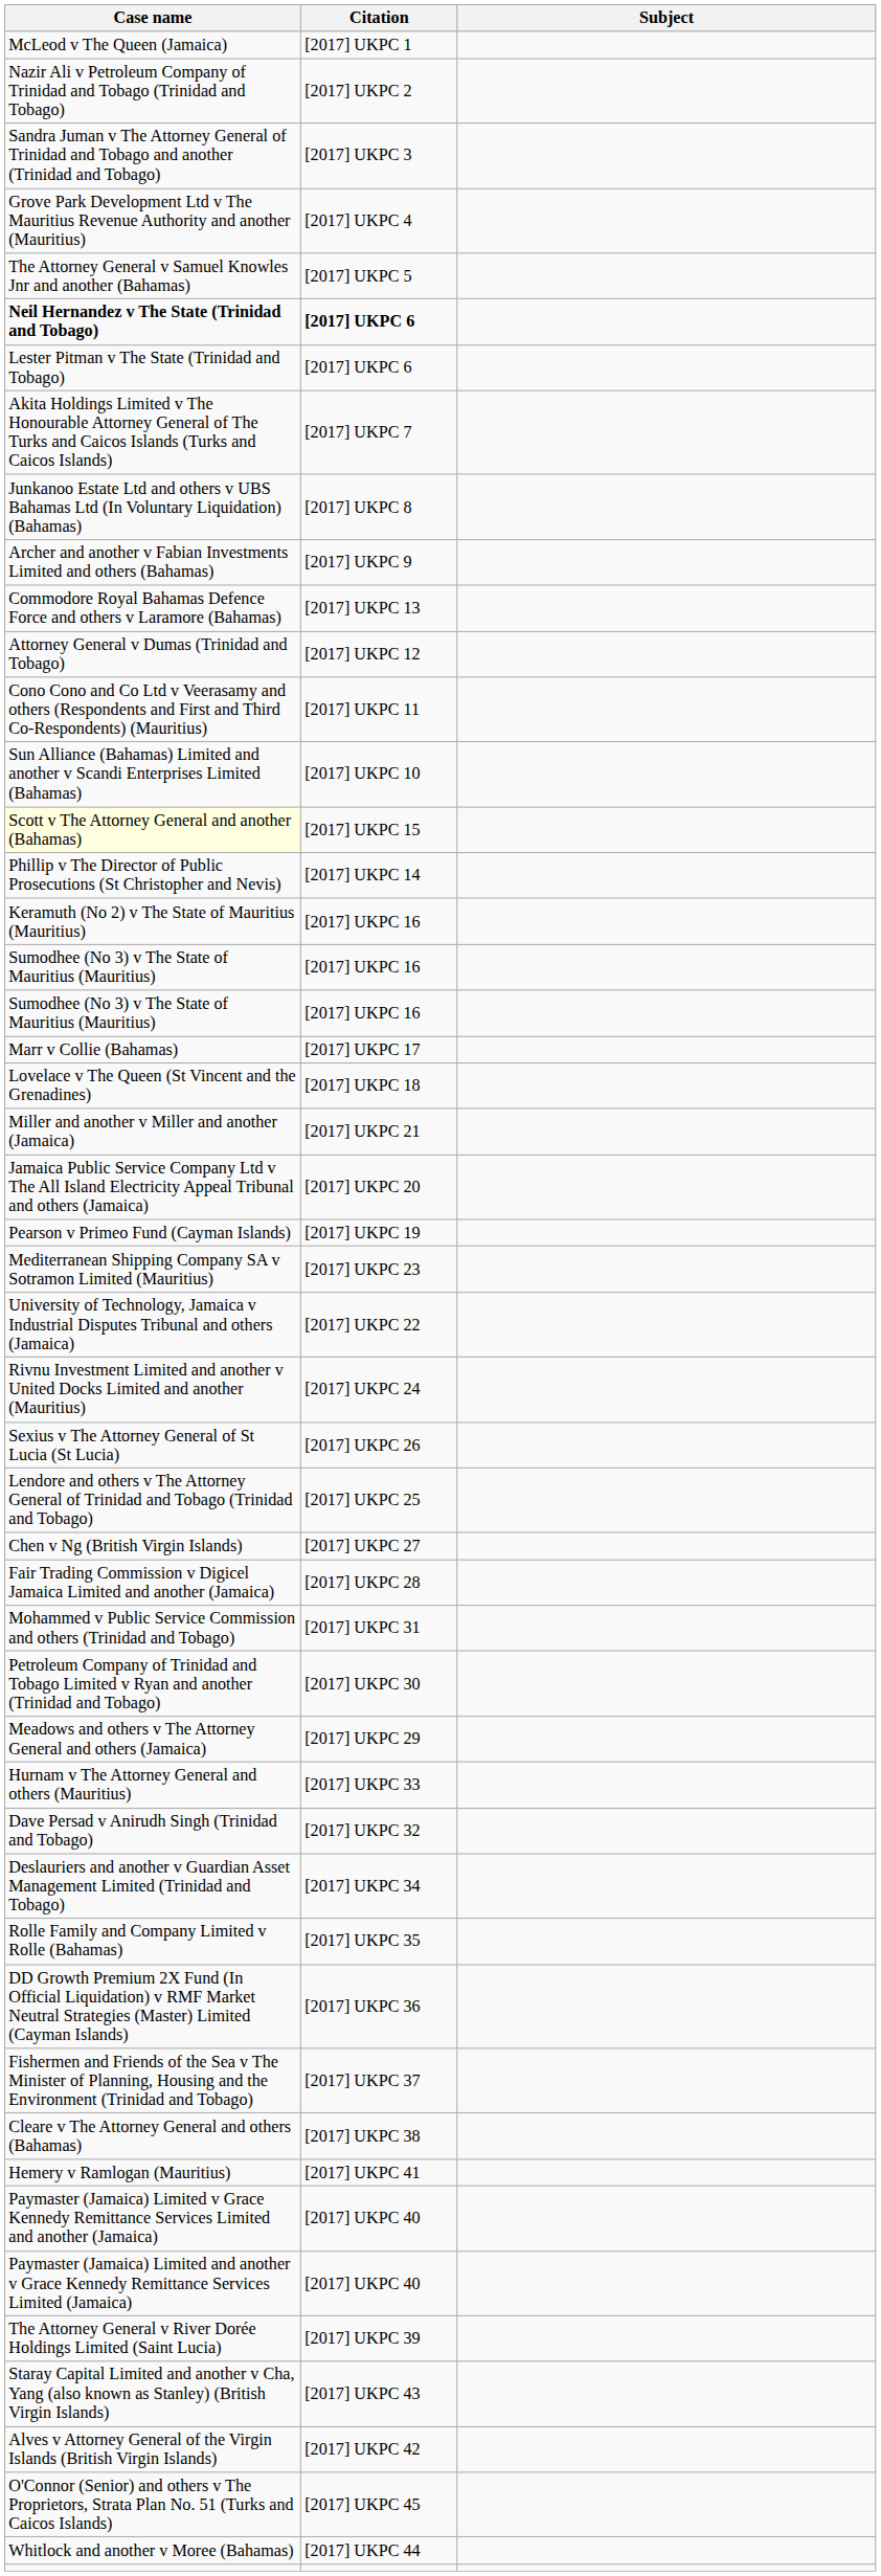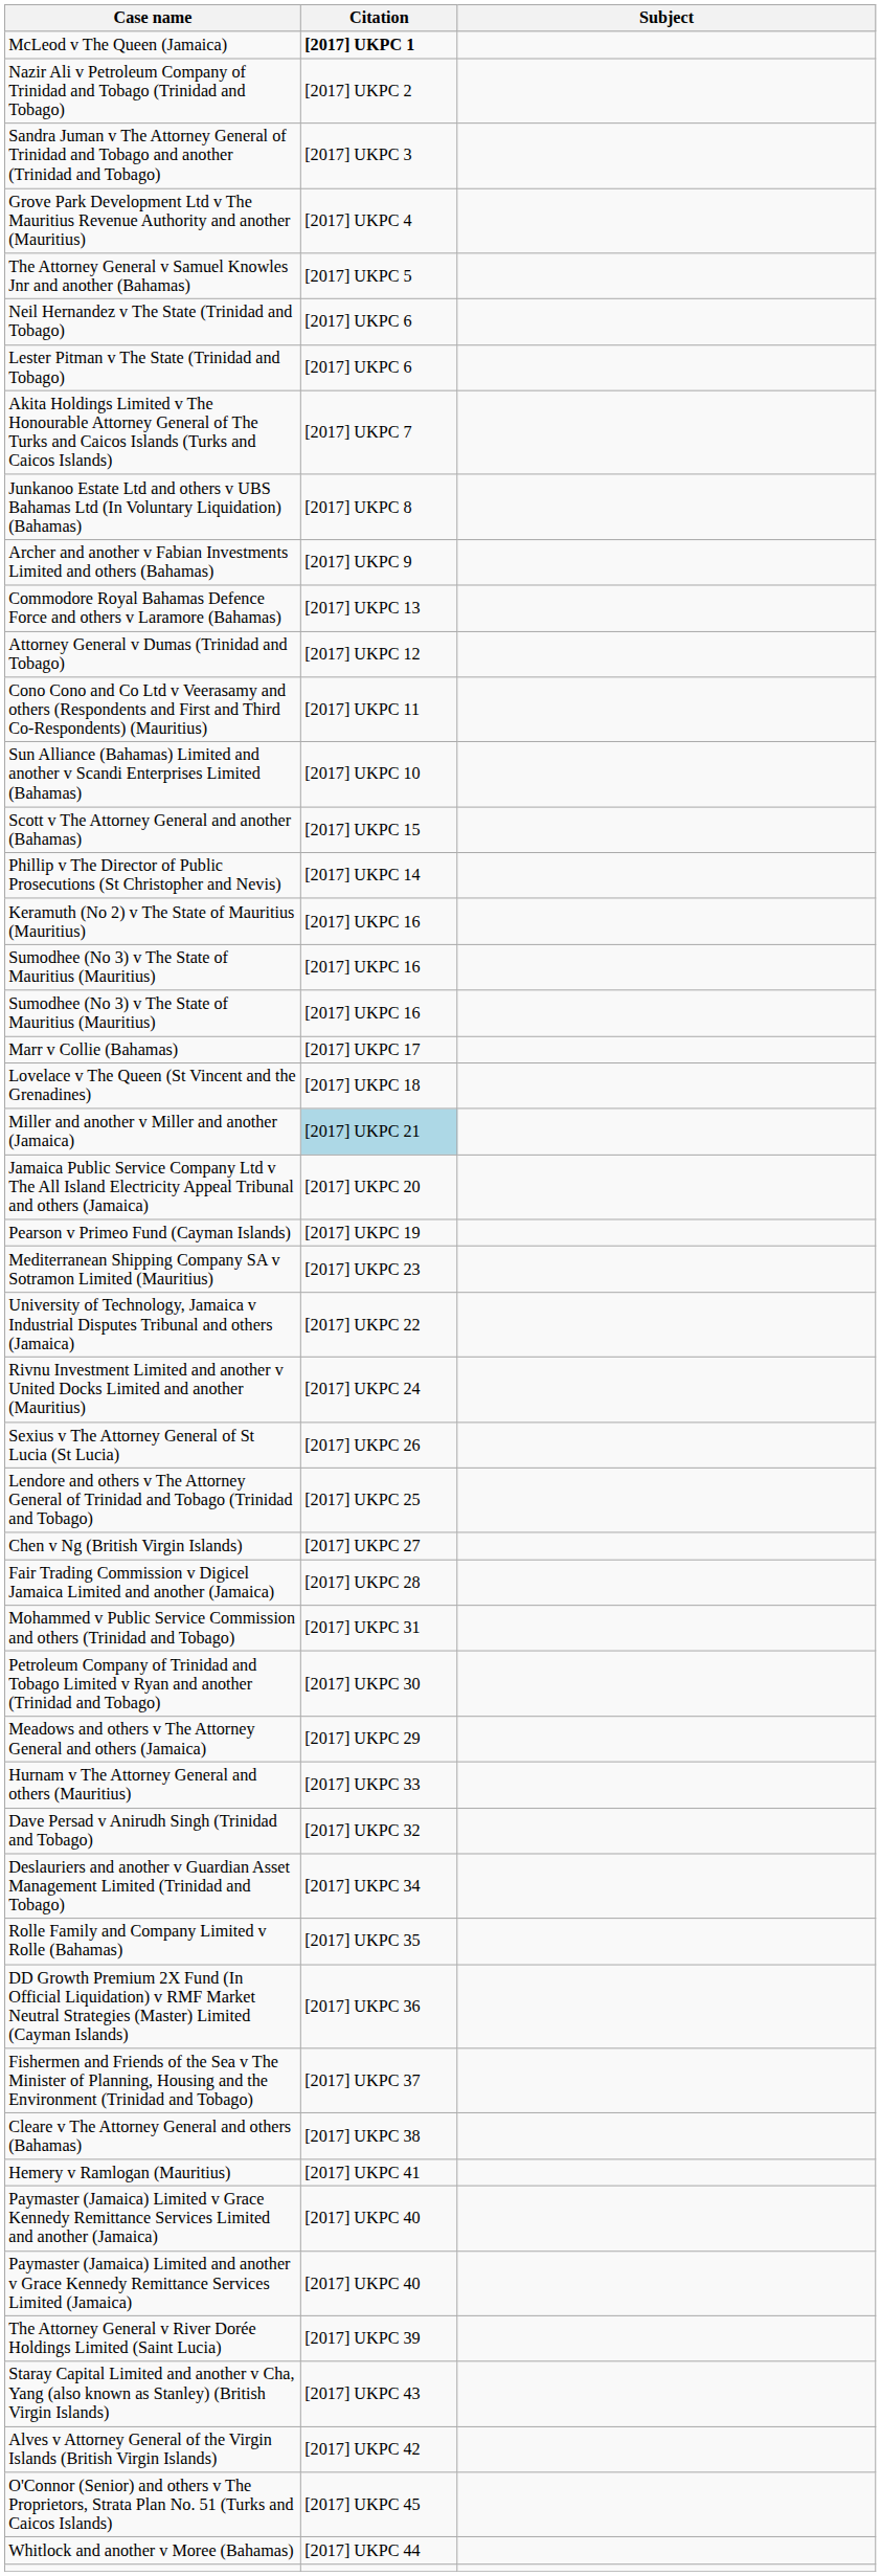 <table class="wikitable" width=825>
 <tr bgcolor="#CCCCCC">
 <th width=34%>Case name</th>
 <th width=18%>Citation</th>
 <th font=small>Subject</th>
 </tr>
 <tr>
 <td>McLeod v The Queen (Jamaica)</td>
-<td>[2017] UKPC 1</td>
+<td><strong>[2017] UKPC 1</strong></td>
 <td></td>
 </tr>
 <tr>
 <td>Nazir Ali v Petroleum Company of Trinidad and Tobago (Trinidad and Tobago)</td>
 <td>[2017] UKPC 2</td>
 <td></td>
 </tr>
 <tr>
 <td>Sandra Juman v The Attorney General of Trinidad and Tobago and another (Trinidad and Tobago)</td>
 <td>[2017] UKPC 3</td>
 <td></td>
 </tr>
 <tr>
 <td>Grove Park Development Ltd v The Mauritius Revenue Authority and another (Mauritius)</td>
 <td>[2017] UKPC 4</td>
 <td></td>
 </tr>
 <tr>
 <td>The Attorney General v Samuel Knowles Jnr and another (Bahamas)</td>
 <td>[2017] UKPC 5</td>
 <td></td>
 </tr>
 <tr>
-<td><strong>Neil Hernandez v The State (Trinidad and Tobago)</strong></td>
-<td><strong>[2017] UKPC 6</strong></td>
+<td>Neil Hernandez v The State (Trinidad and Tobago)</td>
+<td>[2017] UKPC 6</td>
 <td></td>
 </tr>
 <tr>
 <td>Lester Pitman v The State (Trinidad and Tobago)</td>
 <td>[2017] UKPC 6</td>
 <td></td>
 </tr>
 <tr>
 <td>Akita Holdings Limited v The Honourable Attorney General of The Turks and Caicos Islands (Turks and Caicos Islands)</td>
 <td>[2017] UKPC 7</td>
 <td></td>
 </tr>
 <tr>
 <td>Junkanoo Estate Ltd and others v UBS Bahamas Ltd (In Voluntary Liquidation) (Bahamas)</td>
 <td>[2017] UKPC 8</td>
 <td></td>
 </tr>
 <tr>
 <td>Archer and another v Fabian Investments Limited and others (Bahamas)</td>
 <td>[2017] UKPC 9</td>
 <td></td>
 </tr>
 <tr>
 <td>Commodore Royal Bahamas Defence Force and others v Laramore (Bahamas)</td>
 <td>[2017] UKPC 13</td>
 <td></td>
 </tr>
 <tr>
 <td>Attorney General v Dumas (Trinidad and Tobago)</td>
 <td>[2017] UKPC 12</td>
 <td></td>
 </tr>
 <tr>
 <td>Cono Cono and Co Ltd v Veerasamy and others (Respondents and First and Third Co-Respondents) (Mauritius)</td>
 <td>[2017] UKPC 11</td>
 <td></td>
 </tr>
 <tr>
 <td>Sun Alliance (Bahamas) Limited and another v Scandi Enterprises Limited (Bahamas)</td>
 <td>[2017] UKPC 10</td>
 <td></td>
 </tr>
 <tr>
-<td style="background: lightyellow;">Scott v The Attorney General and another (Bahamas)</td>
+<td>Scott v The Attorney General and another (Bahamas)</td>
 <td>[2017] UKPC 15</td>
 <td></td>
 </tr>
 <tr>
 <td>Phillip v The Director of Public Prosecutions (St Christopher and Nevis)</td>
 <td>[2017] UKPC 14</td>
 <td></td>
 </tr>
 <tr>
 <td>Keramuth (No 2) v The State of Mauritius (Mauritius)</td>
 <td>[2017] UKPC 16</td>
 <td></td>
 </tr>
 <tr>
 <td>Sumodhee (No 3) v The State of Mauritius (Mauritius)</td>
 <td>[2017] UKPC 16</td>
 <td></td>
 </tr>
 <tr>
 <td>Sumodhee (No 3) v The State of Mauritius (Mauritius)</td>
 <td>[2017] UKPC 16</td>
 <td></td>
 </tr>
 <tr>
 <td>Marr v Collie (Bahamas)</td>
 <td>[2017] UKPC 17</td>
 <td></td>
 </tr>
 <tr>
 <td>Lovelace v The Queen (St Vincent and the Grenadines)</td>
 <td>[2017] UKPC 18</td>
 <td></td>
 </tr>
 <tr>
 <td>Miller and another v Miller and another (Jamaica)</td>
-<td>[2017] UKPC 21</td>
+<td style="background: lightblue;">[2017] UKPC 21</td>
 <td></td>
 </tr>
 <tr>
 <td>Jamaica Public Service Company Ltd v The All Island Electricity Appeal Tribunal and others (Jamaica)</td>
 <td>[2017] UKPC 20</td>
 <td></td>
 </tr>
 <tr>
 <td>Pearson v Primeo Fund (Cayman Islands)</td>
 <td>[2017] UKPC 19</td>
 <td></td>
 </tr>
 <tr>
 <td>Mediterranean Shipping Company SA v Sotramon Limited (Mauritius)</td>
 <td>[2017] UKPC 23</td>
 <td></td>
 </tr>
 <tr>
 <td>University of Technology, Jamaica v Industrial Disputes Tribunal and others (Jamaica)</td>
 <td>[2017] UKPC 22</td>
 <td></td>
 </tr>
 <tr>
 <td>Rivnu Investment Limited and another v United Docks Limited and another (Mauritius)</td>
 <td>[2017] UKPC 24</td>
 <td></td>
 </tr>
 <tr>
 <td>Sexius v The Attorney General of St Lucia (St Lucia)</td>
 <td>[2017] UKPC 26</td>
 <td></td>
 </tr>
 <tr>
 <td>Lendore and others v The Attorney General of Trinidad and Tobago (Trinidad and Tobago)</td>
 <td>[2017] UKPC 25</td>
 <td></td>
 </tr>
 <tr>
 <td>Chen v Ng (British Virgin Islands)</td>
 <td>[2017] UKPC 27</td>
 <td></td>
 </tr>
 <tr>
 <td>Fair Trading Commission v Digicel Jamaica Limited and another (Jamaica)</td>
 <td>[2017] UKPC 28</td>
 <td></td>
 </tr>
 <tr>
 <td>Mohammed v Public Service Commission and others (Trinidad and Tobago)</td>
 <td>[2017] UKPC 31</td>
 <td></td>
 </tr>
 <tr>
 <td>Petroleum Company of Trinidad and Tobago Limited v Ryan and another (Trinidad and Tobago)</td>
 <td>[2017] UKPC 30</td>
 <td></td>
 </tr>
 <tr>
 <td>Meadows and others v The Attorney General and others (Jamaica)</td>
 <td>[2017] UKPC 29</td>
 <td></td>
 </tr>
 <tr>
 <td>Hurnam v The Attorney General and others (Mauritius)</td>
 <td>[2017] UKPC 33</td>
 <td></td>
 </tr>
 <tr>
 <td>Dave Persad v Anirudh Singh (Trinidad and Tobago)</td>
 <td>[2017] UKPC 32</td>
 <td></td>
 </tr>
 <tr>
 <td>Deslauriers and another v Guardian Asset Management Limited (Trinidad and Tobago)</td>
 <td>[2017] UKPC 34</td>
 <td></td>
 </tr>
 <tr>
 <td>Rolle Family and Company Limited v Rolle (Bahamas)</td>
 <td>[2017] UKPC 35</td>
 <td></td>
 </tr>
 <tr>
 <td>DD Growth Premium 2X Fund (In Official Liquidation) v RMF Market Neutral Strategies (Master) Limited (Cayman Islands)</td>
 <td>[2017] UKPC 36</td>
 <td></td>
 </tr>
 <tr>
 <td>Fishermen and Friends of the Sea v The Minister of Planning, Housing and the Environment (Trinidad and Tobago)</td>
 <td>[2017] UKPC 37</td>
 <td></td>
 </tr>
 <tr>
 <td>Cleare v The Attorney General and others (Bahamas)</td>
 <td>[2017] UKPC 38</td>
 <td></td>
 </tr>
 <tr>
 <td>Hemery v Ramlogan (Mauritius)</td>
 <td>[2017] UKPC 41</td>
 <td></td>
 </tr>
 <tr>
 <td>Paymaster (Jamaica) Limited v Grace Kennedy Remittance Services Limited and another (Jamaica)</td>
 <td>[2017] UKPC 40</td>
 <td></td>
 </tr>
 <tr>
 <td>Paymaster (Jamaica) Limited and another v Grace Kennedy Remittance Services Limited (Jamaica)</td>
 <td>[2017] UKPC 40</td>
 <td></td>
 </tr>
 <tr>
 <td>The Attorney General v River Dorée Holdings Limited (Saint Lucia)</td>
 <td>[2017] UKPC 39</td>
 <td></td>
 </tr>
 <tr>
 <td>Staray Capital Limited and another v Cha, Yang (also known as Stanley) (British Virgin Islands)</td>
 <td>[2017] UKPC 43</td>
 <td></td>
 </tr>
 <tr>
 <td>Alves v Attorney General of the Virgin Islands (British Virgin Islands)</td>
 <td>[2017] UKPC 42</td>
 <td></td>
 </tr>
 <tr>
 <td>O'Connor (Senior) and others v The Proprietors, Strata Plan No. 51 (Turks and Caicos Islands)</td>
 <td>[2017] UKPC 45</td>
 <td></td>
 </tr>
 <tr>
 <td>Whitlock and another v Moree (Bahamas)</td>
 <td>[2017] UKPC 44</td>
 <td></td>
 </tr>
 <tr>
 <td></td>
 <td></td>
 <td></td>
 </tr>
 </table>
